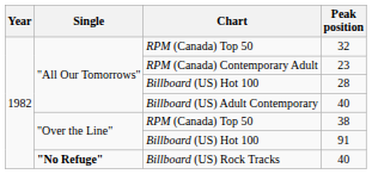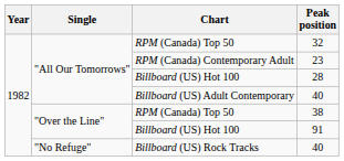 <table class="wikitable">
 <tr>
 <th>Year</th>
 <th>Single</th>
 <th>Chart</th>
 <th>Peak<br>position</th>
 </tr>
 <tr>
 <td rowspan="10">1982</td>
 <td rowspan="4">"All Our Tomorrows"</td>
 <td><em>RPM</em> (Canada) Top 50</td>
 <td style="text-align:center;">32</td>
 </tr>
 <tr>
 <td><em>RPM</em> (Canada) Contemporary Adult</td>
 <td style="text-align:center;">23</td>
 </tr>
 <tr>
 <td><em>Billboard</em> (US) Hot 100</td>
 <td style="text-align:center;">28</td>
 </tr>
 <tr>
 <td><em>Billboard</em> (US) Adult Contemporary</td>
 <td style="text-align:center;">40</td>
 </tr>
 <tr>
 <td rowspan="2">"Over the Line"</td>
 <td><em>RPM</em> (Canada) Top 50</td>
 <td style="text-align:center;">38</td>
 </tr>
 <tr>
 <td><em>Billboard</em> (US) Hot 100</td>
 <td style="text-align:center;">91</td>
 </tr>
 <tr>
-<td><strong>"No Refuge"</strong></td>
+<td>"No Refuge"</td>
 <td><em>Billboard</em> (US) Rock Tracks</td>
 <td style="text-align:center;">40</td>
 </tr>
 </table>
